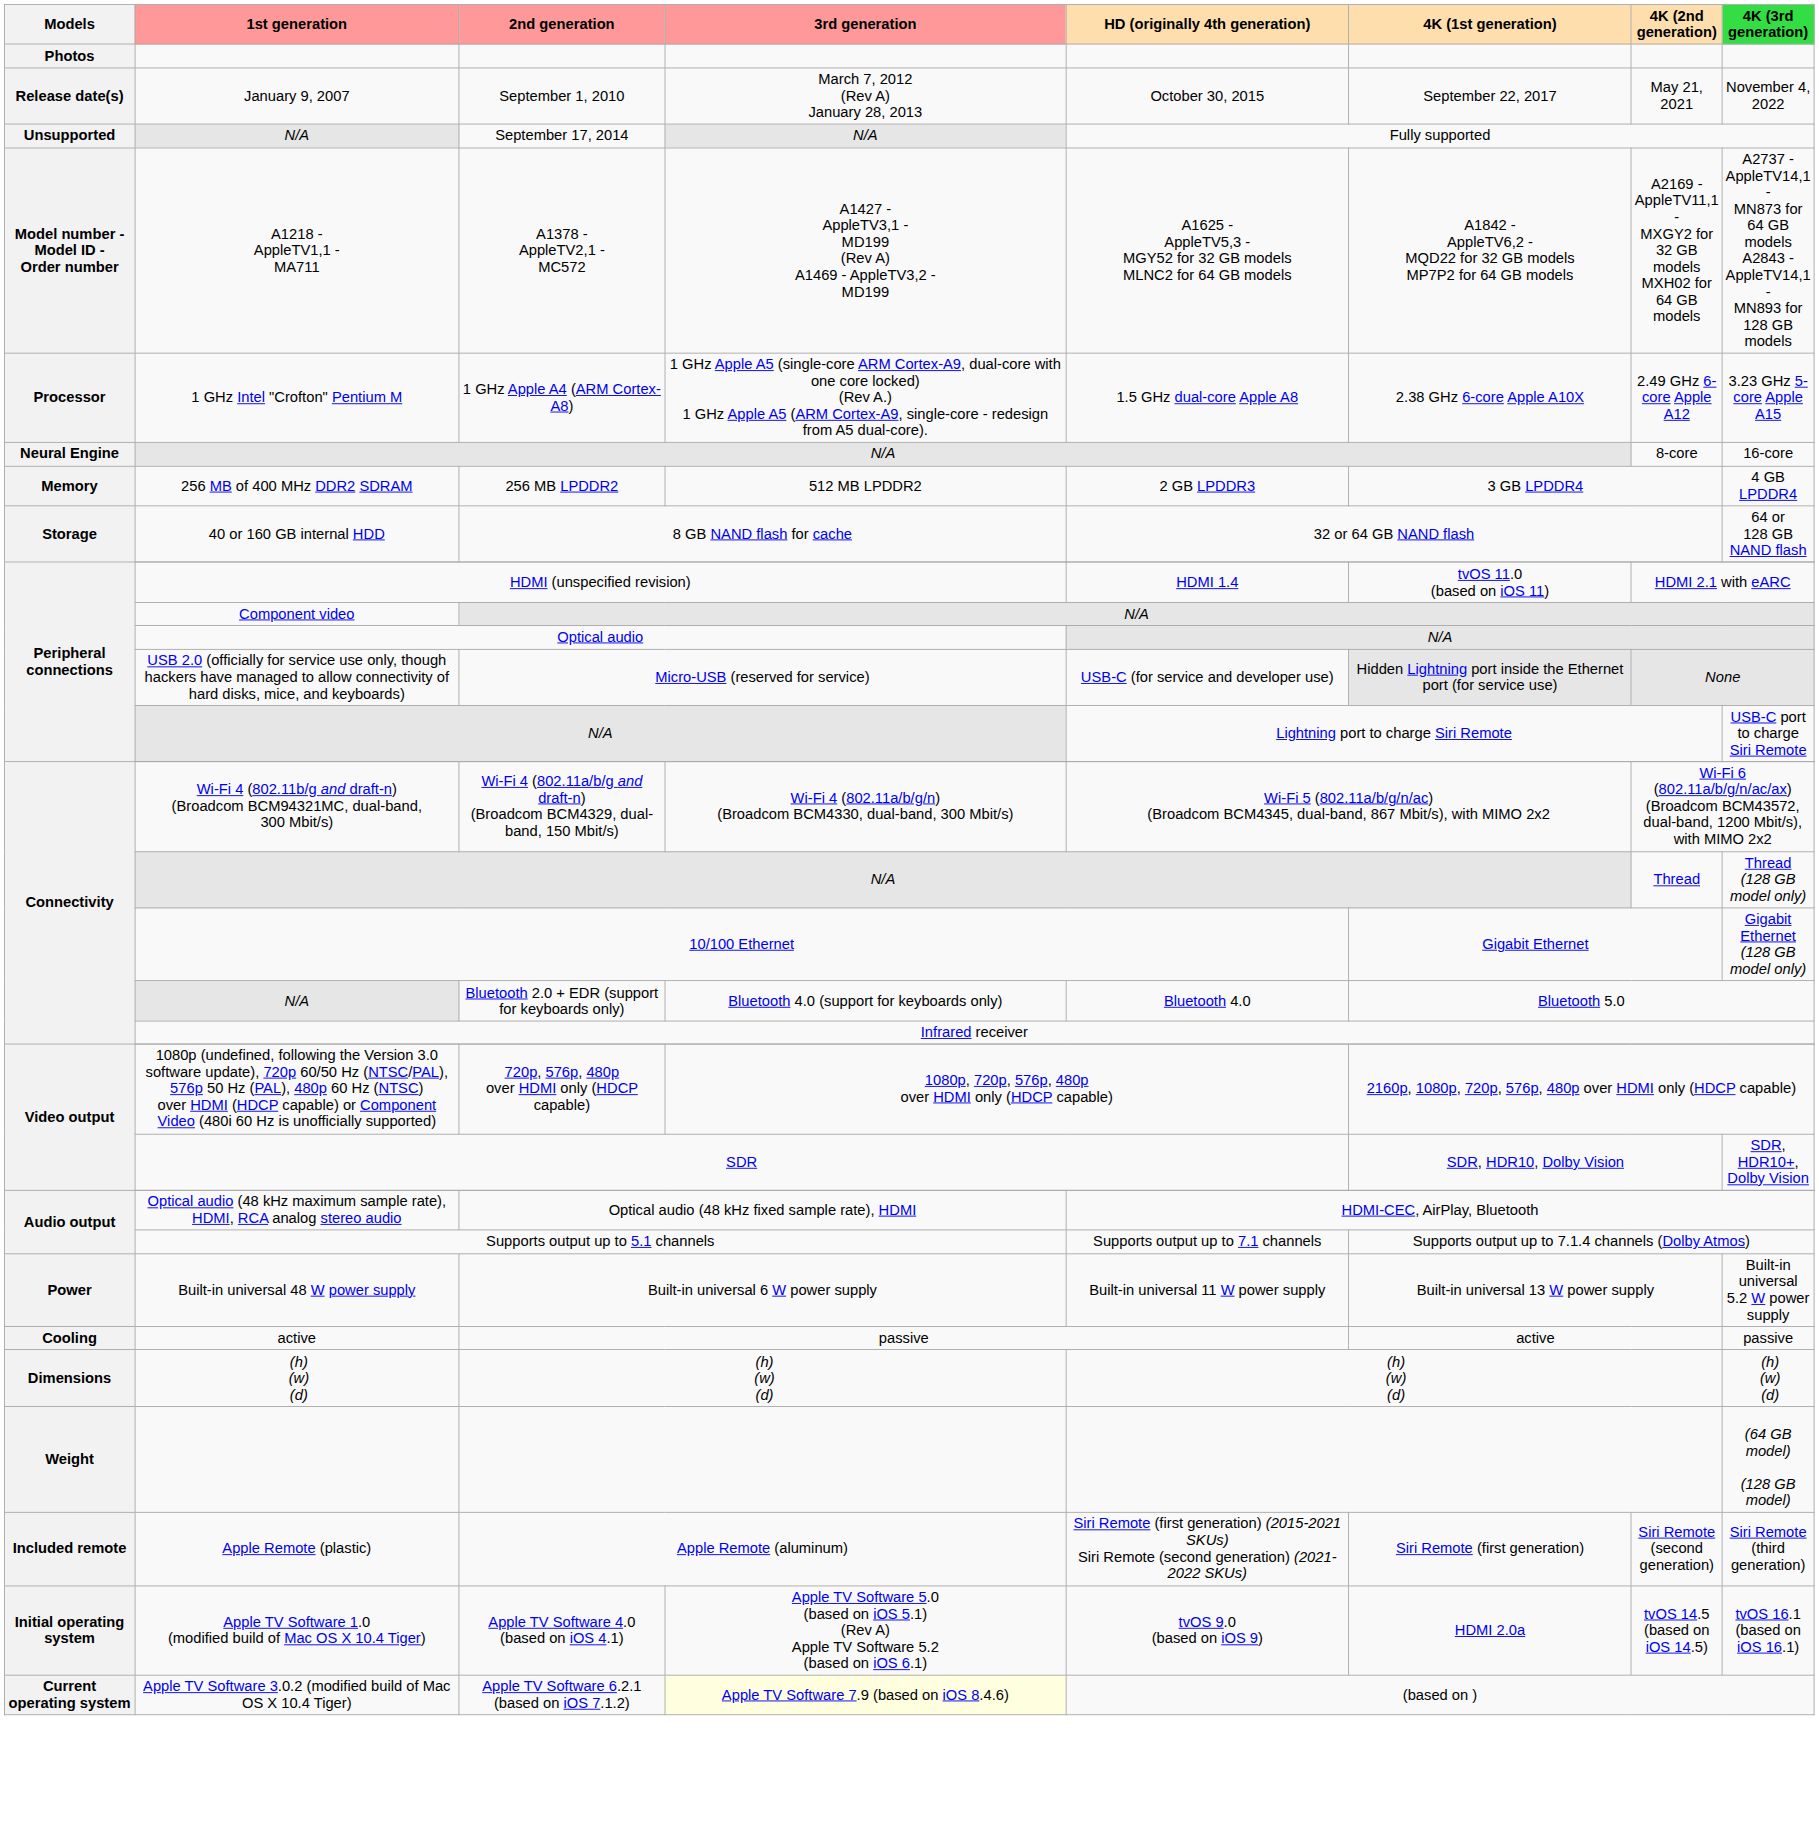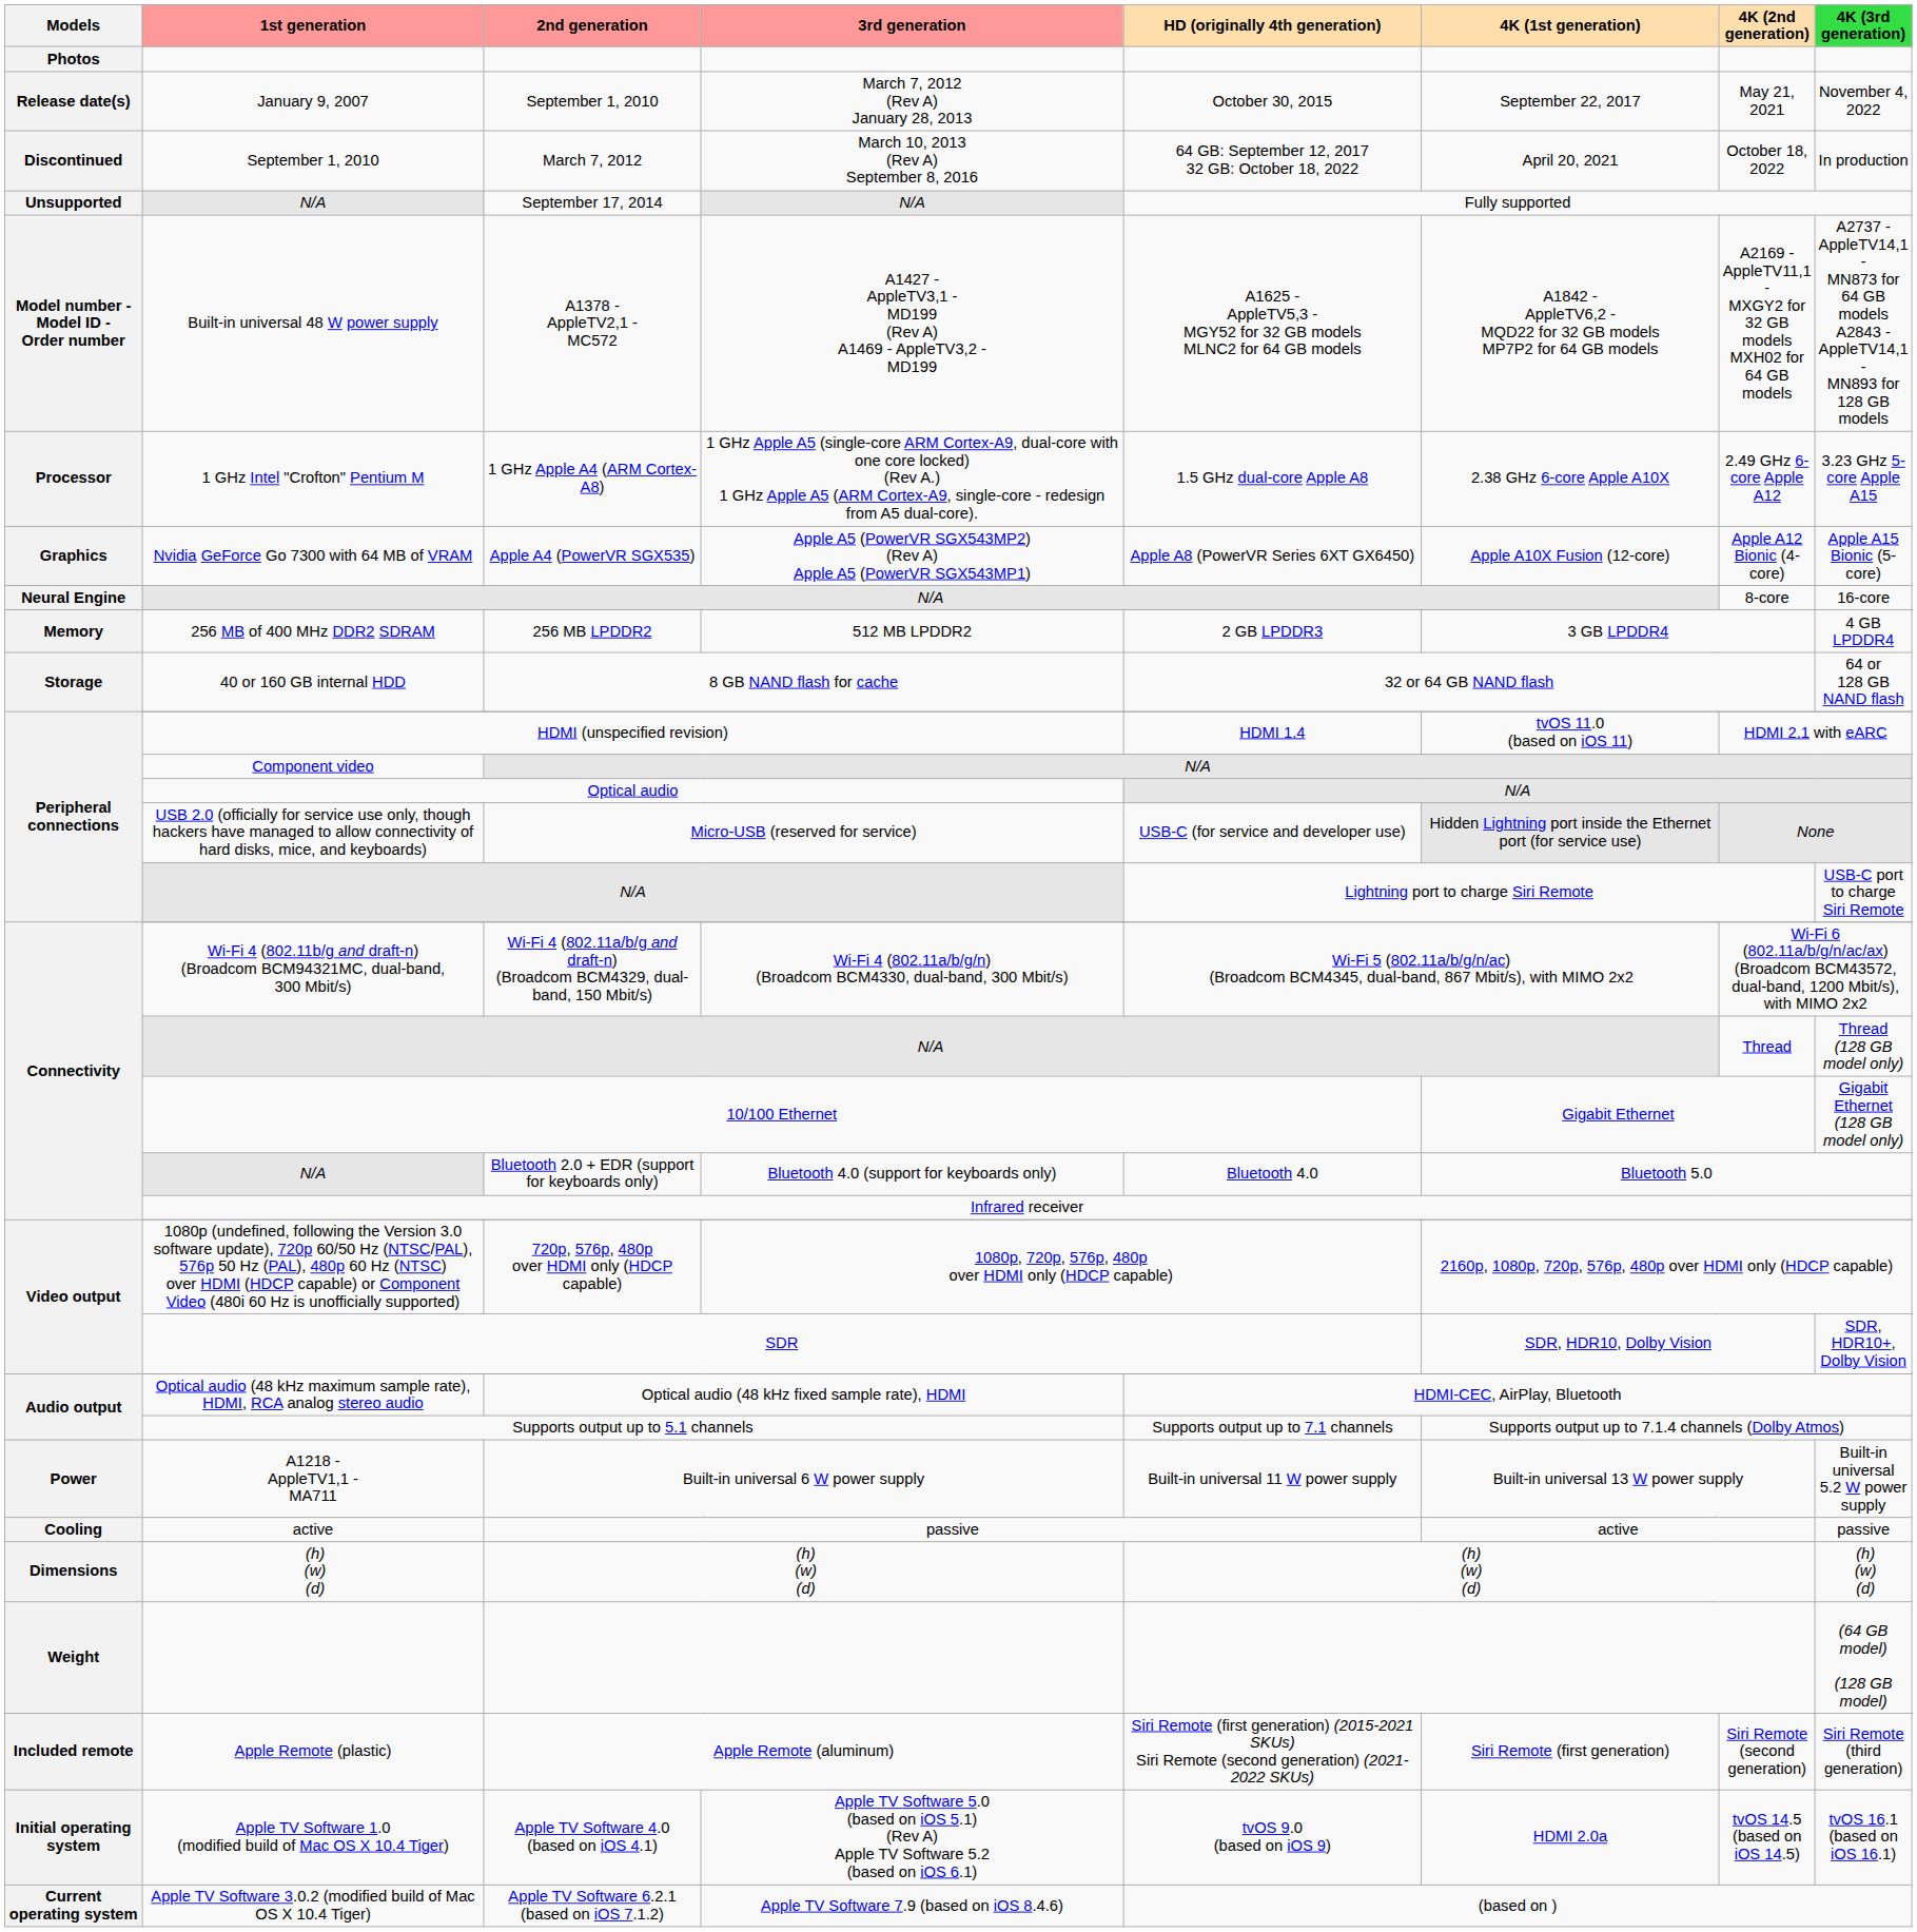 <table class="wikitable sticky-header" style="text-align:center">
 <tr>
 <th style="width: 7.5%">Models</th>
 <th style="background:#FF9999;width: 20%">1st generation</th>
 <th style="background:#FF9999;width: 12.5%">2nd generation</th>
 <th style="background:#FF9999;width: 25%">3rd generation</th>
 <th style="background:#ffdead;width: 17.5%">HD (originally 4th generation)</th>
 <th style="background:#ffdead;width: 25%">4K (1st generation)</th>
 <th style="background:#ffdead;width: 17.5%">4K (2nd generation)</th>
 <th style="background:#3d4;width: 17.5%">4K (3rd generation)</th>
 </tr>
 <tr>
 <th>Photos</th>
 <td></td>
 <td></td>
 <td></td>
 <td></td>
 <td></td>
 <td></td>
 <td></td>
 </tr>
 <tr>
 <th>Release date(s)</th>
 <td>January 9, 2007</td>
 <td>September 1, 2010</td>
 <td>March 7, 2012<br>(Rev A)<br>January 28, 2013</td>
 <td>October 30, 2015</td>
 <td>September 22, 2017</td>
 <td>May 21, 2021</td>
 <td>November 4, 2022</td>
 </tr>
 <tr>
+<th>Discontinued</th>
+<td>September 1, 2010</td>
+<td>March 7, 2012</td>
+<td>March 10, 2013<br>(Rev A)<br>September 8, 2016</td>
+<td>64 GB: September 12, 2017<br>32 GB: October 18, 2022</td>
+<td>April 20, 2021</td>
+<td>October 18, 2022</td>
+<td>In production</td>
+</tr>
+<tr>
 <th>Unsupported</th>
 <td style="background:#E6E6E6"><em>N/A</em></td>
 <td>September 17, 2014</td>
 <td style="background:#E6E6E6"><em>N/A</em></td>
 <td colspan="4">Fully supported</td>
 </tr>
 <tr>
 <th>Model number -<br> Model ID -<br> Order number</th>
-<td>A1218 -<br> AppleTV1,1 -<br> MA711</td>
+<td>Built-in universal 48 <a href='#'>W</a> <a href='#'>power supply</a></td>
 <td>A1378 -<br> AppleTV2,1 -<br> MC572</td>
 <td>A1427 -<br> AppleTV3,1 -<br> MD199<br> (Rev A)<br> A1469 - AppleTV3,2 -<br> MD199</td>
 <td>A1625 -<br> AppleTV5,3 -<br> MGY52 for 32 GB models<br> MLNC2 for 64 GB models</td>
 <td>A1842 -<br> AppleTV6,2 -<br> MQD22 for 32 GB models<br> MP7P2 for 64 GB models</td>
 <td>A2169 -<br> AppleTV11,1 -<br> MXGY2 for 32 GB models<br> MXH02 for 64 GB models</td>
 <td>A2737 -<br> AppleTV14,1 -<br> MN873 for 64 GB models<br> A2843 -<br> AppleTV14,1 -<br> MN893 for 128 GB models<br></td>
 </tr>
 <tr>
 <th>Processor</th>
 <td>1 GHz <a href='#'>Intel</a> "Crofton" <a href='#'>Pentium M</a></td>
 <td>1 GHz <a href='#'>Apple A4</a> (<a href='#'>ARM Cortex-A8</a>)</td>
 <td>1 GHz <a href='#'>Apple A5</a> (single-core <a href='#'>ARM Cortex-A9</a>, dual-core with one core locked)<br>(Rev A.)<br>1 GHz <a href='#'>Apple A5</a> (<a href='#'>ARM Cortex-A9</a>, single-core - redesign from A5 dual-core).</td>
 <td>1.5 GHz <a href='#'>dual-core</a> <a href='#'>Apple A8</a></td>
 <td>2.38 GHz <a href='#'>6-core</a> <a href='#'>Apple A10X</a></td>
 <td>2.49 GHz <a href='#'>6-core</a> <a href='#'>Apple A12</a></td>
 <td>3.23 GHz <a href='#'>5-core</a> <a href='#'>Apple A15</a></td>
+</tr>
+<tr>
+<th>Graphics</th>
+<td><a href='#'>Nvidia</a> <a href='#'>GeForce</a> Go 7300 with 64 MB of <a href='#'>VRAM</a></td>
+<td><a href='#'>Apple A4</a> (<a href='#'>PowerVR SGX535</a>)</td>
+<td><a href='#'>Apple A5</a> (<a href='#'>PowerVR SGX543MP2</a>)<br>(Rev A)<br><a href='#'>Apple A5</a> (<a href='#'>PowerVR SGX543MP1</a>)</td>
+<td><a href='#'>Apple A8</a> (PowerVR Series 6XT GX6450)</td>
+<td><a href='#'>Apple A10X Fusion</a> (12-core)</td>
+<td><a href='#'>Apple A12 Bionic</a> (4-core)</td>
+<td><a href='#'>Apple A15 Bionic</a> (5-core)</td>
 </tr>
 <tr>
 <th>Neural Engine</th>
 <td colspan="5" style="background:#E6E6E6"><em>N/A</em></td>
 <td>8-core</td>
 <td>16-core</td>
 </tr>
 <tr>
 <th>Memory</th>
 <td>256 <a href='#'>MB</a> of 400 MHz <a href='#'>DDR2</a> <a href='#'>SDRAM</a></td>
 <td>256 MB <a href='#'>LPDDR2</a></td>
 <td>512 MB LPDDR2</td>
 <td>2 GB <a href='#'>LPDDR3</a></td>
 <td colspan=2>3 GB <a href='#'>LPDDR4</a></td>
 <td>4 GB <a href='#'>LPDDR4</a></td>
 </tr>
 <tr>
 <th>Storage</th>
 <td>40 or 160 GB internal <a href='#'>HDD</a></td>
 <td colspan=2>8 GB <a href='#'>NAND flash</a> for <a href='#'>cache</a></td>
 <td colspan="3">32 or 64 GB <a href='#'>NAND flash</a></td>
 <td>64 or 128 GB <a href='#'>NAND flash</a></td>
 </tr>
 <tr>
 <th rowspan=6>Peripheral connections</th>
 </tr>
 <tr>
 <td colspan=3><a href='#'>HDMI</a> (unspecified revision)</td>
 <td><a href='#'>HDMI 1.4</a></td>
 <td><a href='#'>tvOS 11</a>.0<br>(based on <a href='#'>iOS 11</a>)</td>
 <td colspan="2"><a href='#'>HDMI 2.1</a> with <a href='#'>eARC</a></td>
 </tr>
 <tr>
 <td><a href='#'>Component video</a></td>
 <td colspan="6" style="background:#E6E6E6 "><em>N/A</em></td>
 </tr>
 <tr>
 <td colspan=3><a href='#'>Optical audio</a></td>
 <td colspan="4" style="background:#E6E6E6 "><em>N/A</em></td>
 </tr>
 <tr>
 <td><a href='#'>USB 2.0</a> (officially for service use only, though hackers have managed to allow connectivity of hard disks, mice, and keyboards)</td>
 <td colspan=2><a href='#'>Micro-USB</a> (reserved for service)</td>
 <td><a href='#'>USB-C</a> (for service and developer use)</td>
 <td style="background:#E6E6E6">Hidden <a href='#'>Lightning</a> port inside the Ethernet port (for service use)</td>
 <td colspan="2" style="background:#E6E6E6 "><em>None</em></td>
 </tr>
 <tr>
 <td colspan=3 style="background:#E6E6E6"><em>N/A</em></td>
 <td colspan="3"><a href='#'>Lightning</a> port to charge <a href='#'>Siri Remote</a></td>
 <td><a href='#'>USB-C</a> port to charge <a href='#'>Siri Remote</a></td>
 </tr>
 <tr>
 <th rowspan="6">Connectivity</th>
 </tr>
 <tr>
 <td><a href='#'>Wi-Fi 4</a> (<a href='#'>802.11b/g <em>and</em> draft-n</a>)<br>(Broadcom BCM94321MC, dual-band, 300 Mbit/s)</td>
 <td><a href='#'>Wi-Fi 4</a> (<a href='#'>802.11a/b/g <em>and</em> draft-n</a>)<br>(Broadcom BCM4329, dual-band, 150 Mbit/s)</td>
 <td><a href='#'>Wi-Fi 4</a> (<a href='#'>802.11a/b/g/n</a>)<br>(Broadcom BCM4330, dual-band, 300 Mbit/s)</td>
 <td colspan=2><a href='#'>Wi-Fi 5</a> (<a href='#'>802.11a/b/g/n/ac</a>)<br>(Broadcom BCM4345, dual-band, 867 Mbit/s), with MIMO 2x2</td>
 <td colspan="2"><a href='#'>Wi-Fi 6</a> (<a href='#'>802.11a/b/g/n/ac/ax</a>)<br>(Broadcom BCM43572, dual-band, 1200 Mbit/s), with MIMO 2x2</td>
 </tr>
 <tr>
 <td colspan="5" style="background:#E6E6E6"><em>N/A</em></td>
 <td><a href='#'>Thread</a></td>
 <td><a href='#'>Thread</a> <em>(128 GB model only)</em></td>
 </tr>
 <tr>
 <td colspan=4><a href='#'>10/100 Ethernet</a></td>
 <td colspan="2"><a href='#'>Gigabit Ethernet</a></td>
 <td><a href='#'>Gigabit Ethernet</a> <em>(128 GB model only)</em></td>
 </tr>
 <tr>
 <td style="background:#E6E6E6"><em>N/A</em></td>
 <td><a href='#'>Bluetooth</a> 2.0 + EDR (support for keyboards only)</td>
 <td><a href='#'>Bluetooth</a> 4.0 (support for keyboards only)</td>
 <td><a href='#'>Bluetooth</a> 4.0</td>
 <td colspan="3"><a href='#'>Bluetooth</a> 5.0</td>
 </tr>
 <tr>
 <td colspan="7"><a href='#'>Infrared</a> receiver</td>
 </tr>
 <tr>
 <th rowspan=3>Video output</th>
 </tr>
 <tr>
 <td>1080p (undefined, following the Version 3.0 software update), <a href='#'>720p</a> 60/50 Hz (<a href='#'>NTSC</a>/<a href='#'>PAL</a>), <a href='#'>576p</a> 50 Hz (<a href='#'>PAL</a>), <a href='#'>480p</a> 60 Hz (<a href='#'>NTSC</a>)<br>over <a href='#'>HDMI</a> (<a href='#'>HDCP</a> capable) or <a href='#'>Component Video</a> (480i 60 Hz is unofficially supported)</td>
 <td><a href='#'>720p</a>, <a href='#'>576p</a>, <a href='#'>480p</a><br>over <a href='#'>HDMI</a> only (<a href='#'>HDCP</a> capable)</td>
 <td colspan=2><a href='#'>1080p</a>, <a href='#'>720p</a>, <a href='#'>576p</a>, <a href='#'>480p</a><br>over <a href='#'>HDMI</a> only (<a href='#'>HDCP</a> capable)</td>
 <td colspan="3"><a href='#'>2160p</a>, <a href='#'>1080p</a>, <a href='#'>720p</a>, <a href='#'>576p</a>, <a href='#'>480p</a> over <a href='#'>HDMI</a> only (<a href='#'>HDCP</a> capable)</td>
 </tr>
 <tr>
 <td colspan=4><a href='#'>SDR</a></td>
 <td colspan=2><a href='#'>SDR</a>, <a href='#'>HDR10</a>, <a href='#'>Dolby Vision</a></td>
 <td><a href='#'>SDR</a>, <a href='#'>HDR10+</a>, <a href='#'>Dolby Vision</a></td>
 </tr>
 <tr>
 <th rowspan=3>Audio output</th>
 </tr>
 <tr>
 <td><a href='#'>Optical audio</a> (48 kHz maximum sample rate), <a href='#'>HDMI</a>, <a href='#'>RCA</a> analog <a href='#'>stereo audio</a></td>
 <td colspan=2>Optical audio (48 kHz fixed sample rate), <a href='#'>HDMI</a></td>
 <td colspan="4"><a href='#'>HDMI-CEC</a>, AirPlay, Bluetooth</td>
 </tr>
 <tr valign=top>
 <td colspan=3>Supports output up to <a href='#'>5.1</a> channels</td>
 <td>Supports output up to <a href='#'>7.1</a> channels</td>
 <td colspan="3">Supports output up to 7.1.4 channels (<a href='#'>Dolby Atmos</a>)</td>
 </tr>
 <tr>
 <th>Power</th>
-<td>Built-in universal 48 <a href='#'>W</a> <a href='#'>power supply</a></td>
+<td>A1218 -<br> AppleTV1,1 -<br> MA711</td>
 <td colspan=2>Built-in universal 6 <a href='#'>W</a> power supply</td>
 <td>Built-in universal 11 <a href='#'>W</a> power supply</td>
 <td colspan=2>Built-in universal 13 <a href='#'>W</a> power supply</td>
 <td>Built-in universal 5.2 <a href='#'>W</a> power supply</td>
 </tr>
 <tr>
 <th>Cooling</th>
 <td>active</td>
 <td colspan=3>passive</td>
 <td colspan=2>active</td>
 <td>passive</td>
 </tr>
 <tr>
 <th>Dimensions</th>
 <td> <em>(h)</em><br> <em>(w)</em><br> <em>(d)</em></td>
 <td colspan=2> <em>(h)</em><br> <em>(w)</em><br> <em>(d)</em></td>
 <td colspan="3"> <em>(h)</em><br> <em>(w)</em><br> <em>(d)</em></td>
 <td> <em>(h)</em><br> <em>(w)</em><br> <em>(d)</em></td>
 </tr>
 <tr>
 <th>Weight</th>
 <td></td>
 <td colspan=2></td>
 <td colspan=3></td>
 <td><br><em>(64 GB model)</em><br><br><em>(128 GB model)</em></td>
 </tr>
 <tr>
 <th>Included remote</th>
 <td><a href='#'>Apple Remote</a> (plastic)</td>
 <td colspan=2><a href='#'>Apple Remote</a> (aluminum)</td>
 <td><a href='#'>Siri Remote</a> (first generation) <em>(2015-2021 SKUs)</em><br>Siri Remote (second generation) <em>(2021-2022 SKUs)</em></td>
 <td><a href='#'>Siri Remote</a> (first generation)</td>
 <td><a href='#'>Siri Remote</a> (second generation)</td>
 <td><a href='#'>Siri Remote</a> (third generation)</td>
 </tr>
 <tr>
 <th>Initial operating system</th>
 <td><a href='#'>Apple TV Software 1</a>.0<br>(modified build of <a href='#'>Mac OS X 10.4 Tiger</a>)</td>
 <td><a href='#'>Apple TV Software 4</a>.0<br>(based on <a href='#'>iOS 4</a>.1)</td>
 <td><a href='#'>Apple TV Software 5</a>.0<br>(based on <a href='#'>iOS 5</a>.1)<br>(Rev A)<br>Apple TV Software 5.2<br>(based on <a href='#'>iOS 6</a>.1)</td>
 <td><a href='#'>tvOS 9</a>.0<br>(based on <a href='#'>iOS 9</a>)</td>
 <td><a href='#'>HDMI 2.0a</a></td>
 <td><a href='#'>tvOS 14</a>.5<br>(based on <a href='#'>iOS 14</a>.5)</td>
 <td><a href='#'>tvOS 16</a>.1<br>(based on <a href='#'>iOS 16</a>.1)</td>
 </tr>
 <tr>
 <th>Current operating system</th>
 <td><a href='#'>Apple TV Software 3</a>.0.2 (modified build of Mac OS X 10.4 Tiger)</td>
 <td><a href='#'>Apple TV Software 6</a>.2.1 (based on <a href='#'>iOS 7</a>.1.2)</td>
-<td style="background: lightyellow;"><a href='#'>Apple TV Software 7</a>.9 (based on <a href='#'>iOS 8</a>.4.6)</td>
+<td><a href='#'>Apple TV Software 7</a>.9 (based on <a href='#'>iOS 8</a>.4.6)</td>
 <td colspan="4"> (based on )</td>
 </tr>
 </table>
